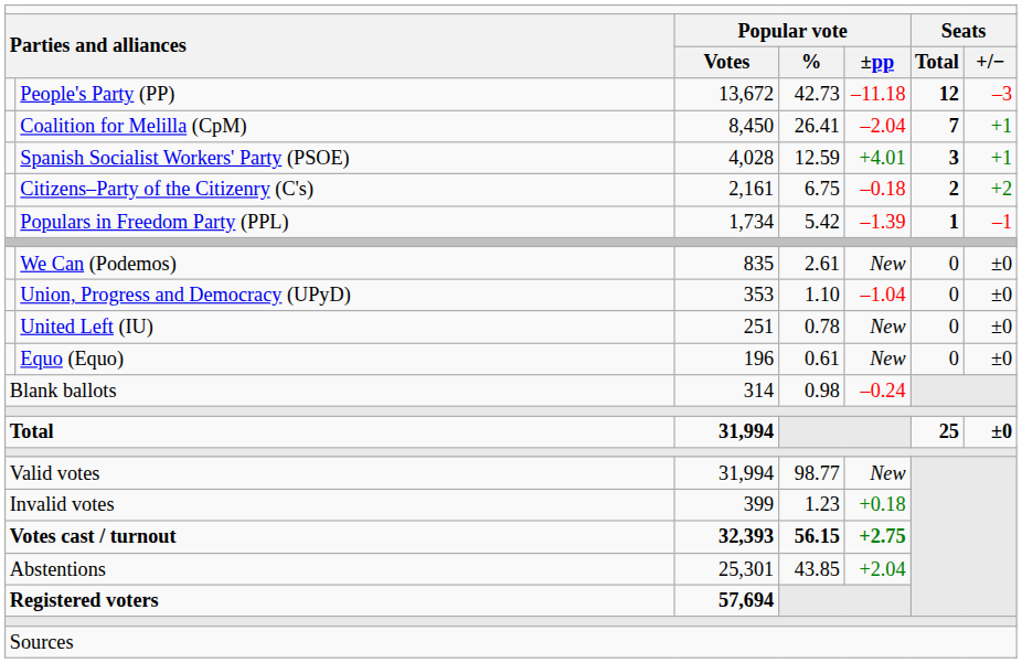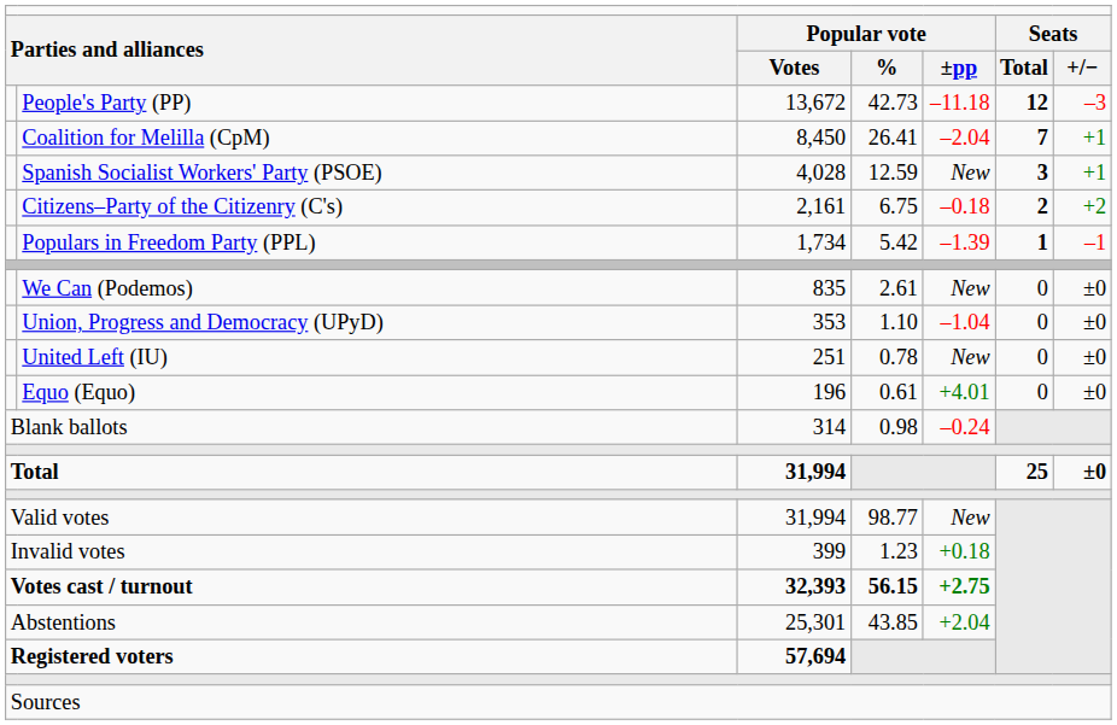 <table class="wikitable" style="text-align:right;">
 <tr>
 <td colspan="7"></td>
 </tr>
 <tr>
 <th style="text-align:left;" rowspan="2" colspan="2" width="525">Parties and alliances</th>
 <th colspan="3">Popular vote</th>
 <th colspan="2">Seats</th>
 </tr>
 <tr>
 <th width="75">Votes</th>
 <th width="45">%</th>
 <th width="45">±<a href='#'>pp</a></th>
 <th width="35">Total</th>
 <th width="35">+/−</th>
 </tr>
 <tr>
 <td width="1" style="color:inherit;background:"></td>
 <td align="left"><a href='#'>People's Party</a> (PP)</td>
 <td>13,672</td>
 <td>42.73</td>
 <td style="color:red;">–11.18</td>
 <td><strong>12</strong></td>
 <td style="color:red;">–3</td>
 </tr>
 <tr>
 <td style="color:inherit;background:"></td>
 <td align="left"><a href='#'>Coalition for Melilla</a> (CpM)</td>
 <td>8,450</td>
 <td>26.41</td>
 <td style="color:red;">–2.04</td>
 <td><strong>7</strong></td>
 <td style="color:green;">+1</td>
 </tr>
 <tr>
 <td style="color:inherit;background:"></td>
 <td align="left"><a href='#'>Spanish Socialist Workers' Party</a> (PSOE)</td>
 <td>4,028</td>
 <td>12.59</td>
-<td style="color:green;">+4.01</td>
+<td><em>New</em></td>
 <td><strong>3</strong></td>
 <td style="color:green;">+1</td>
 </tr>
 <tr>
 <td style="color:inherit;background:"></td>
 <td align="left"><a href='#'>Citizens–Party of the Citizenry</a> (C's)</td>
 <td>2,161</td>
 <td>6.75</td>
 <td style="color:red;">–0.18</td>
 <td><strong>2</strong></td>
 <td style="color:green;">+2</td>
 </tr>
 <tr>
 <td style="color:inherit;background:"></td>
 <td align="left"><a href='#'>Populars in Freedom Party</a> (PPL)</td>
 <td>1,734</td>
 <td>5.42</td>
 <td style="color:red;">–1.39</td>
 <td><strong>1</strong></td>
 <td style="color:red;">–1</td>
 </tr>
 <tr>
 <td colspan="7" bgcolor="#C0C0C0"></td>
 </tr>
 <tr>
 <td style="color:inherit;background:"></td>
 <td align="left"><a href='#'>We Can</a> (Podemos)</td>
 <td>835</td>
 <td>2.61</td>
 <td><em>New</em></td>
 <td>0</td>
 <td>±0</td>
 </tr>
 <tr>
 <td style="color:inherit;background:"></td>
 <td align="left"><a href='#'>Union, Progress and Democracy</a> (UPyD)</td>
 <td>353</td>
 <td>1.10</td>
 <td style="color:red;">–1.04</td>
 <td>0</td>
 <td>±0</td>
 </tr>
 <tr>
 <td style="color:inherit;background:"></td>
 <td align="left"><a href='#'>United Left</a> (IU)</td>
 <td>251</td>
 <td>0.78</td>
 <td><em>New</em></td>
 <td>0</td>
 <td>±0</td>
 </tr>
 <tr>
 <td style="color:inherit;background:"></td>
 <td align="left"><a href='#'>Equo</a> (Equo)</td>
 <td>196</td>
 <td>0.61</td>
-<td><em>New</em></td>
+<td style="color:green;">+4.01</td>
 <td>0</td>
 <td>±0</td>
 </tr>
 <tr>
 <td align="left" colspan="2">Blank ballots</td>
 <td>314</td>
 <td>0.98</td>
 <td style="color:red;">–0.24</td>
 <td bgcolor="#E9E9E9" colspan="2"></td>
 </tr>
 <tr>
 <td colspan="7" bgcolor="#E9E9E9"></td>
 </tr>
 <tr style="font-weight:bold;">
 <td align="left" colspan="2">Total</td>
 <td>31,994</td>
 <td bgcolor="#E9E9E9" colspan="2"></td>
 <td>25</td>
 <td>±0</td>
 </tr>
 <tr>
 <td colspan="7" bgcolor="#E9E9E9"></td>
 </tr>
 <tr>
 <td align="left" colspan="2">Valid votes</td>
 <td>31,994</td>
 <td>98.77</td>
 <td><em>New</em></td>
 <td bgcolor="#E9E9E9" colspan="2" rowspan="5"></td>
 </tr>
 <tr>
 <td align="left" colspan="2">Invalid votes</td>
 <td>399</td>
 <td>1.23</td>
 <td style="color:green;">+0.18</td>
 </tr>
 <tr style="font-weight:bold;">
 <td align="left" colspan="2">Votes cast / turnout</td>
 <td>32,393</td>
 <td>56.15</td>
 <td style="color:green;">+2.75</td>
 </tr>
 <tr>
 <td align="left" colspan="2">Abstentions</td>
 <td>25,301</td>
 <td>43.85</td>
 <td style="color:green;">+2.04</td>
 </tr>
 <tr style="font-weight:bold;">
 <td align="left" colspan="2">Registered voters</td>
 <td>57,694</td>
 <td bgcolor="#E9E9E9" colspan="2"></td>
 </tr>
 <tr>
 <td colspan="7" bgcolor="#E9E9E9"></td>
 </tr>
 <tr>
 <td align="left" colspan="7">Sources</td>
 </tr>
 </table>
